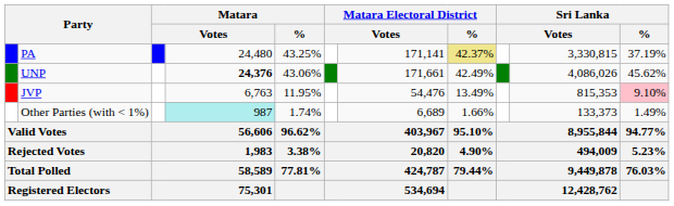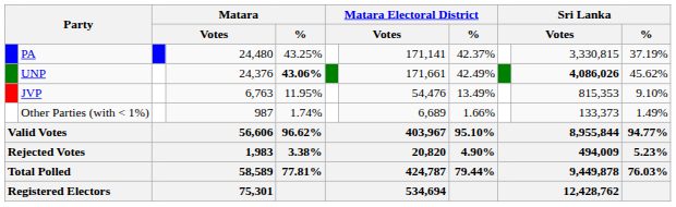 <table class="wikitable">
 <tr>
 <th colspan="2" width="144px"rowspan="2">Party</th>
 <th colspan="3" width="216px">Matara</th>
 <th colspan="3" width="216px"><a href='#'>Matara Electoral District</a></th>
 <th colspan="3" width="216px">Sri Lanka</th>
 </tr>
 <tr>
 <th colspan="2" width="144px">Votes</th>
 <th>%</th>
 <th colspan="2" width="144px">Votes</th>
 <th>%</th>
 <th colspan="2" width="144px">Votes</th>
 <th>%</th>
 </tr>
 <tr>
 <td style="background-color:blue;" width="10px"></td>
 <td style="text-align:left;"><a href='#'>PA</a></td>
 <td style="background-color:blue;" width="10px"></td>
 <td style="text-align:right;">24,480</td>
 <td style="text-align:right;">43.25%</td>
 <td style="background-color:white;" width="10px"></td>
 <td style="text-align:right;">171,141</td>
-<td style="background: khaki; text-align:right;">42.37%</td>
+<td style="text-align:right;">42.37%</td>
 <td style="background-color:white;" width="10px"></td>
 <td style="text-align:right;">3,330,815</td>
 <td style="text-align:right;">37.19%</td>
 </tr>
 <tr>
 <td style="background-color:green;" width="10px"></td>
 <td style="text-align:left;"><a href='#'>UNP</a></td>
 <td style="background-color:white;" width="10px"></td>
-<td style="text-align:right;"><strong>24,376</strong></td>
-<td style="text-align:right;">43.06%</td>
+<td style="text-align:right;">24,376</td>
+<td style="text-align:right;"><strong>43.06%</strong></td>
 <td style="background-color:green;" width="10px"></td>
 <td style="text-align:right;">171,661</td>
 <td style="text-align:right;">42.49%</td>
 <td style="background-color:green;" width="10px"></td>
-<td style="text-align:right;">4,086,026</td>
+<td style="text-align:right;"><strong>4,086,026</strong></td>
 <td style="text-align:right;">45.62%</td>
 </tr>
 <tr>
 <td style="background-color:red;" width="10px"></td>
 <td style="text-align:left;"><a href='#'>JVP</a></td>
 <td style="background-color:white;" width="10px"></td>
 <td style="text-align:right;">6,763</td>
 <td style="text-align:right;">11.95%</td>
 <td style="background-color:white;" width="10px"></td>
 <td style="text-align:right;">54,476</td>
 <td style="text-align:right;">13.49%</td>
 <td style="background-color:white;" width="10px"></td>
 <td style="text-align:right;">815,353</td>
-<td style="background: pink; text-align:right;">9.10%</td>
+<td style="text-align:right;">9.10%</td>
 </tr>
 <tr>
 <td style="background-color:white;" width="10px"></td>
 <td style="text-align:left;">Other Parties (with < 1%)</td>
 <td style="background-color:white;" width="10px"></td>
-<td style="background: paleturquoise; text-align:right;">987</td>
+<td style="text-align:right;">987</td>
 <td style="text-align:right;">1.74%</td>
 <td style="background-color:white;" width="10px"></td>
 <td style="text-align:right;">6,689</td>
 <td style="text-align:right;">1.66%</td>
 <td style="background-color:white;" width="10px"></td>
 <td style="text-align:right;">133,373</td>
 <td style="text-align:right;">1.49%</td>
 </tr>
 <tr>
 <th colspan="2" width="144px"style="text-align:left;">Valid Votes</th>
 <th style="text-align:right;"colspan="2" width="144px">56,606</th>
 <th style="text-align:right;">96.62%</th>
 <th style="text-align:right;"colspan="2" width="144px">403,967</th>
 <th style="text-align:right;">95.10%</th>
 <th style="text-align:right;"colspan="2" width="144px">8,955,844</th>
 <th style="text-align:right;">94.77%</th>
 </tr>
 <tr>
 <th colspan="2" width="144px"style="text-align:left;">Rejected Votes</th>
 <th style="text-align:right;"colspan="2" width="144px">1,983</th>
 <th style="text-align:right;">3.38%</th>
 <th style="text-align:right;"colspan="2" width="144px">20,820</th>
 <th style="text-align:right;">4.90%</th>
 <th style="text-align:right;"colspan="2" width="144px">494,009</th>
 <th style="text-align:right;">5.23%</th>
 </tr>
 <tr>
 <th colspan="2" width="144px"style="text-align:left;">Total Polled</th>
 <th style="text-align:right;"colspan="2" width="144px">58,589</th>
 <th style="text-align:right;">77.81%</th>
 <th style="text-align:right;"colspan="2" width="144px">424,787</th>
 <th style="text-align:right;">79.44%</th>
 <th style="text-align:right;"colspan="2" width="144px">9,449,878</th>
 <th style="text-align:right;">76.03%</th>
 </tr>
 <tr>
 <th colspan="2" width="144px"style="text-align:left;">Registered Electors</th>
 <th style="text-align:right;"colspan="2" width="144px">75,301</th>
 <th></th>
 <th style="text-align:right;"colspan="2" width="144px">534,694</th>
 <th></th>
 <th style="text-align:right;"colspan="2" width="144px">12,428,762</th>
 <th></th>
 </tr>
 </table>
